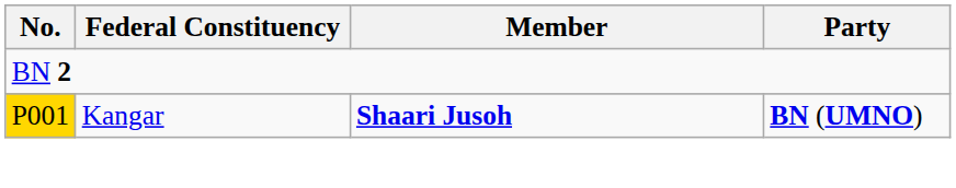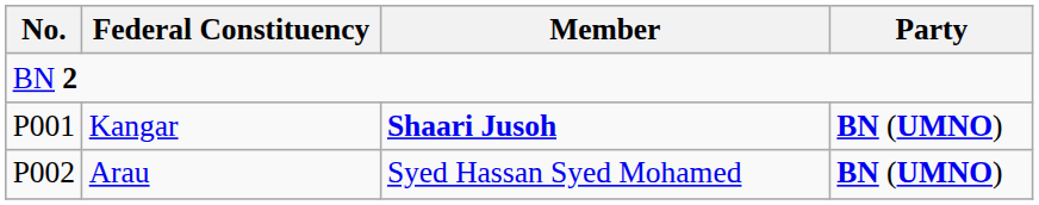 <table class="wikitable sortable">
 <tr>
 <th style="width:30px;">No.</th>
 <th style="width:150px;">Federal Constituency</th>
 <th style="width:230px;">Member</th>
 <th style="width:100px;">Party</th>
 </tr>
 <tr>
 <td colspan="4"><a href='#'>BN</a> <strong>2</strong></td>
 </tr>
 <tr>
-<td style="background: gold;">P001</td>
+<td>P001</td>
 <td><a href='#'>Kangar</a></td>
 <td><strong><a href='#'>Shaari Jusoh</a></strong></td>
 <td><strong><a href='#'>BN</a></strong> (<strong><a href='#'>UMNO</a></strong>)</td>
 </tr>
+<tr>
+<td>P002</td>
+<td><a href='#'>Arau</a></td>
+<td><a href='#'>Syed Hassan Syed Mohamed</a></td>
+<td><strong><a href='#'>BN</a></strong> (<strong><a href='#'>UMNO</a></strong>)</td>
+</tr>
 </table>
